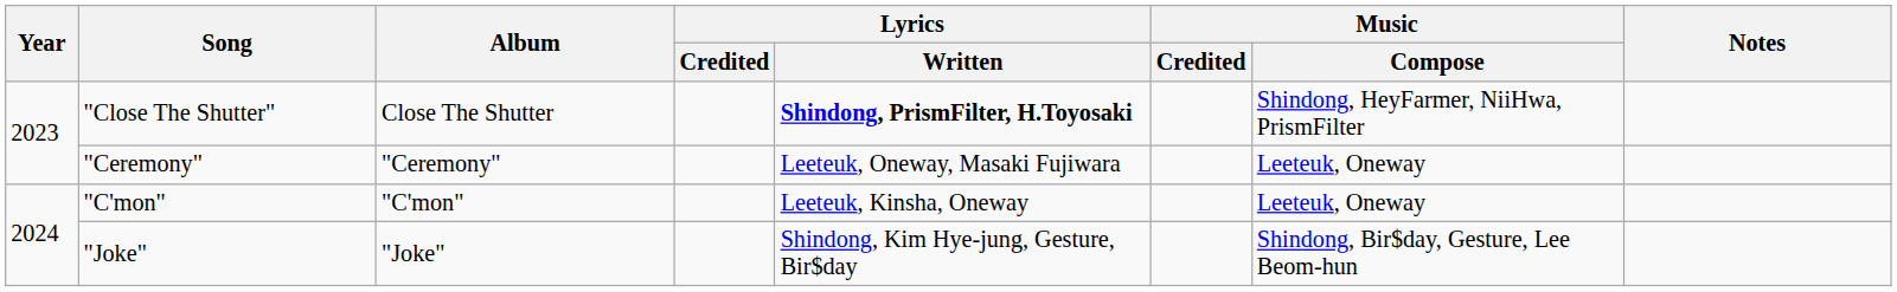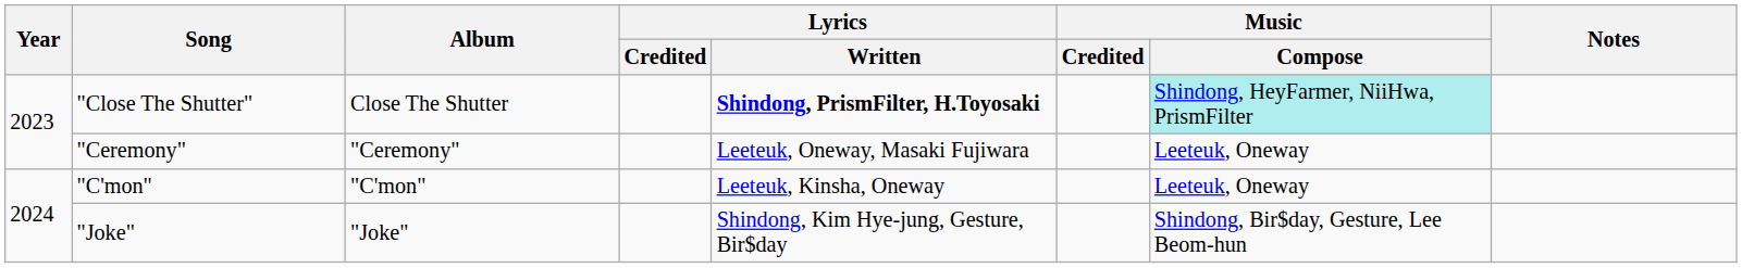 <table class="wikitable"  style="width:100%">
 <tr>
 <th rowspan=2 width=50px>Year</th>
 <th rowspan=2 width=300px>Song</th>
 <th rowspan=2 width=300px>Album</th>
 <th colspan="2">Lyrics</th>
 <th colspan="2">Music</th>
 <th rowspan=2 width=300px>Notes</th>
 </tr>
 <tr>
 <th width=50px>Credited</th>
 <th width=400px>Written</th>
 <th width=50px>Credited</th>
 <th width=400px>Compose</th>
 </tr>
 <tr>
 <td rowspan="2">2023</td>
 <td>"Close The Shutter"</td>
 <td>Close The Shutter</td>
 <td></td>
 <td><strong><a href='#'>Shindong</a>, PrismFilter, H.Toyosaki</strong></td>
 <td></td>
-<td><a href='#'>Shindong</a>, HeyFarmer, NiiHwa, PrismFilter</td>
+<td style="background: paleturquoise;"><a href='#'>Shindong</a>, HeyFarmer, NiiHwa, PrismFilter</td>
 <td></td>
 </tr>
 <tr>
 <td>"Ceremony"</td>
 <td>"Ceremony"</td>
 <td></td>
 <td><a href='#'>Leeteuk</a>, Oneway, Masaki Fujiwara</td>
 <td></td>
 <td><a href='#'>Leeteuk</a>, Oneway</td>
 <td></td>
 </tr>
 <tr>
 <td rowspan="2">2024</td>
 <td>"C'mon"</td>
 <td>"C'mon"</td>
 <td></td>
 <td><a href='#'>Leeteuk</a>, Kinsha, Oneway</td>
 <td></td>
 <td><a href='#'>Leeteuk</a>, Oneway</td>
 <td></td>
 </tr>
 <tr>
 <td>"Joke"</td>
 <td>"Joke"</td>
 <td></td>
 <td><a href='#'>Shindong</a>, Kim Hye-jung, Gesture, Bir$day</td>
 <td></td>
 <td><a href='#'>Shindong</a>, Bir$day, Gesture, Lee Beom-hun</td>
 <td></td>
 </tr>
 </table>
